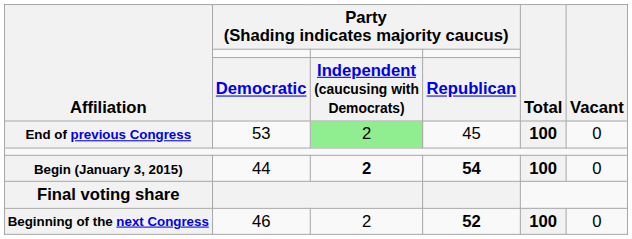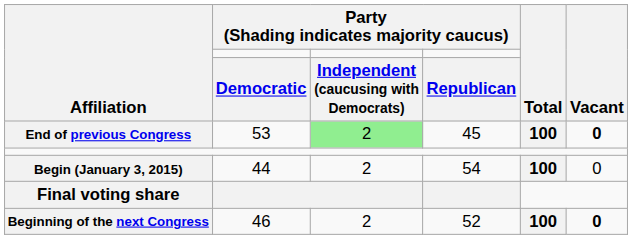 <table class="wikitable" style="text-align:center">
 <tr style="vertical-align:bottom">
 <th rowspan=3>Affiliation</th>
 <th colspan=3>Party <div>(Shading indicates majority caucus)</div></th>
 <th rowspan=3>Total</th>
 <th rowspan=3>Vacant</th>
 </tr>
 <tr style="height:5px">
 <td style="background-color:"></td>
 <td style="background-color:"></td>
 <td style="background-color:"></td>
 </tr>
 <tr>
 <th><a href='#'>Democratic</a></th>
 <th><a href='#'>Independent</a><br><small>(caucusing with<br>Democrats)</small></th>
 <th><a href='#'>Republican</a></th>
 </tr>
 <tr>
 <th style="white-space:nowrap; font-size:80%">End of <a href='#'>previous Congress</a></th>
 <td>53</td>
 <td style="background: lightgreen;">2</td>
 <td>45</td>
 <th>100</th>
-<td>0</td>
+<td><strong>0</strong></td>
 </tr>
 <tr>
 <td colspan=6></td>
 </tr>
 <tr>
 <th style="white-space:nowrap; font-size:80%">Begin (January 3, 2015)</th>
 <td>44</td>
-<td><strong>2</strong></td>
-<td><strong>54</strong></td>
+<td>2</td>
+<td>54</td>
 <th>100</th>
 <td>0</td>
 </tr>
 <tr>
 <th>Final voting share</th>
 <th colspan=2></th>
 <th></th>
 <td colspan=3> </td>
 </tr>
 <tr>
 <th style="white-space:nowrap; font-size:80%">Beginning of the <a href='#'>next Congress</a></th>
 <td>46</td>
 <td>2</td>
-<td><strong>52</strong></td>
+<td>52</td>
 <th>100</th>
-<td>0</td>
+<td><strong>0</strong></td>
 </tr>
 </table>
